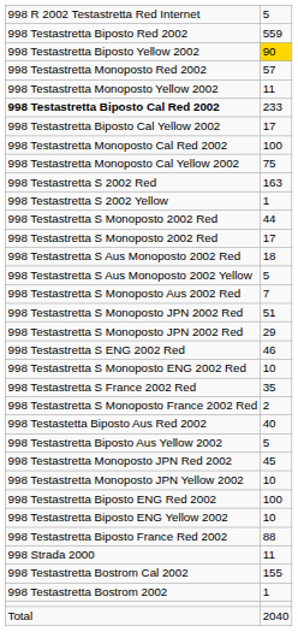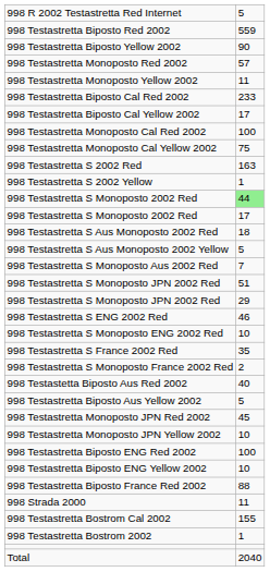 <table class="wikitable">
 <tr>
 <td>998 R 2002  Testastretta Red Internet</td>
 <td>5</td>
 </tr>
 <tr>
 <td>998 Testastretta Biposto Red 2002</td>
 <td>559</td>
 </tr>
 <tr>
 <td>998 Testastretta Biposto Yellow 2002</td>
-<td style="background: gold;">90</td>
+<td>90</td>
 </tr>
 <tr>
 <td>998 Testastretta Monoposto Red 2002</td>
 <td>57</td>
 </tr>
 <tr>
 <td>998 Testastretta Monoposto Yellow 2002</td>
 <td>11</td>
 </tr>
 <tr>
-<td><strong>998 Testastretta Biposto Cal Red 2002</strong></td>
+<td>998 Testastretta Biposto Cal Red 2002</td>
 <td>233</td>
 </tr>
 <tr>
 <td>998 Testastretta Biposto Cal Yellow 2002</td>
 <td>17</td>
 </tr>
 <tr>
 <td>998 Testastretta Monoposto Cal Red 2002</td>
 <td>100</td>
 </tr>
 <tr>
 <td>998 Testastretta Monoposto Cal Yellow  2002</td>
 <td>75</td>
 </tr>
 <tr>
 <td>998 Testastretta S 2002 Red</td>
 <td>163</td>
 </tr>
 <tr>
 <td>998 Testastretta S 2002 Yellow</td>
 <td>1</td>
 </tr>
 <tr>
 <td>998 Testastretta S Monoposto 2002  Red</td>
-<td>44</td>
+<td style="background: lightgreen;">44</td>
 </tr>
 <tr>
 <td>998 Testastretta S Monoposto 2002  Red</td>
 <td>17</td>
 </tr>
 <tr>
 <td>998 Testastretta S Aus Monoposto 2002  Red</td>
 <td>18</td>
 </tr>
 <tr>
 <td>998 Testastretta S Aus Monoposto 2002  Yellow</td>
 <td>5</td>
 </tr>
 <tr>
 <td>998 Testastretta S Monoposto Aus 2002 Red</td>
 <td>7</td>
 </tr>
 <tr>
 <td>998 Testastretta S Monoposto JPN 2002 Red</td>
 <td>51</td>
 </tr>
 <tr>
 <td>998 Testastretta S Monoposto JPN 2002 Red</td>
 <td>29</td>
 </tr>
 <tr>
 <td>998 Testastretta S ENG 2002 Red</td>
 <td>46</td>
 </tr>
 <tr>
 <td>998 Testastretta S Monoposto ENG 2002 Red</td>
 <td>10</td>
 </tr>
 <tr>
 <td>998 Testastretta S France 2002 Red</td>
 <td>35</td>
 </tr>
 <tr>
 <td>998 Testastretta S Monoposto France 2002  Red</td>
 <td>2</td>
 </tr>
 <tr>
 <td>998 Testastetta Biposto Aus Red 2002</td>
 <td>40</td>
 </tr>
 <tr>
 <td>998 Testastretta Biposto Aus Yellow 2002</td>
 <td>5</td>
 </tr>
 <tr>
 <td>998 Testastretta Monoposto JPN Red 2002</td>
 <td>45</td>
 </tr>
 <tr>
 <td>998 Testastretta Monoposto JPN Yellow  2002</td>
 <td>10</td>
 </tr>
 <tr>
 <td>998 Testastretta Biposto ENG Red 2002</td>
 <td>100</td>
 </tr>
 <tr>
 <td>998 Testastretta Biposto ENG Yellow 2002</td>
 <td>10</td>
 </tr>
 <tr>
 <td>998 Testastretta Biposto France Red 2002</td>
 <td>88</td>
 </tr>
 <tr>
 <td>998 Strada 2000</td>
 <td>11</td>
 </tr>
 <tr>
 <td>998 Testastretta Bostrom Cal 2002</td>
 <td>155</td>
 </tr>
 <tr>
 <td>998 Testastretta Bostrom 2002</td>
 <td>1</td>
 </tr>
 <tr>
 <td></td>
 <td></td>
 </tr>
 <tr>
 <td>Total</td>
 <td>2040</td>
 </tr>
 </table>
